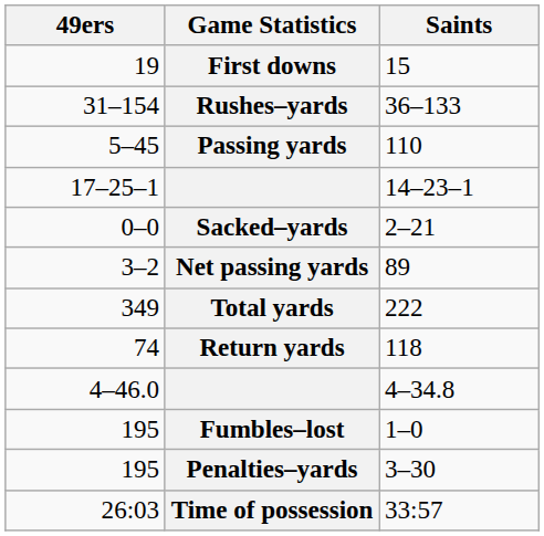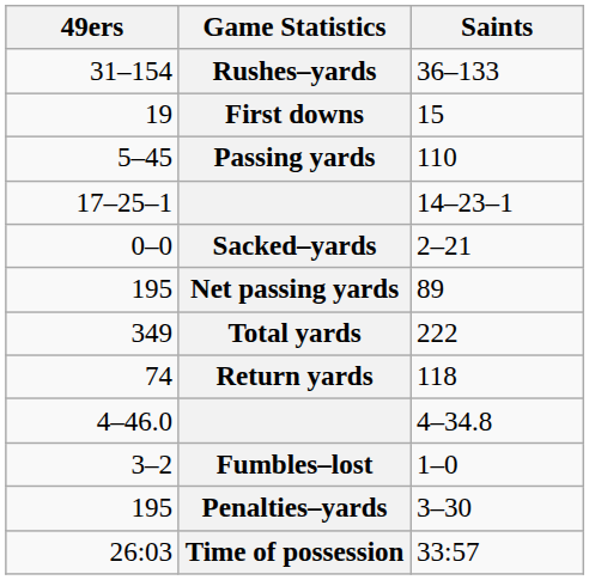 <table class="wikitable" style="margin: 1em auto 1em auto">
 <tr>
 <th style="width:30%;">49ers</th>
 <th style="width:40%;">Game Statistics</th>
 <th style="width:30%;">Saints</th>
 </tr>
 <tr>
+<td style="text-align:right;">31–154</td>
+<th>Rushes–yards</th>
+<td>36–133</td>
+</tr>
+<tr>
 <td style="text-align:right;">19</td>
 <th>First downs</th>
 <td>15</td>
-</tr>
-<tr>
-<td style="text-align:right;">31–154</td>
-<th>Rushes–yards</th>
-<td>36–133</td>
 </tr>
 <tr>
 <td style="text-align:right;">5–45</td>
 <th>Passing yards</th>
 <td>110</td>
 </tr>
 <tr>
 <td style="text-align:right;">17–25–1</td>
 <th></th>
 <td>14–23–1</td>
 </tr>
 <tr>
 <td style="text-align:right;">0–0</td>
 <th>Sacked–yards</th>
 <td>2–21</td>
 </tr>
 <tr>
-<td style="text-align:right;">3–2</td>
+<td style="text-align:right;">195</td>
 <th>Net passing yards</th>
 <td>89</td>
 </tr>
 <tr>
 <td style="text-align:right;">349</td>
 <th>Total yards</th>
 <td>222</td>
 </tr>
 <tr>
 <td style="text-align:right;">74</td>
 <th>Return yards</th>
 <td>118</td>
 </tr>
 <tr>
 <td style="text-align:right;">4–46.0</td>
 <th></th>
 <td>4–34.8</td>
 </tr>
 <tr>
-<td style="text-align:right;">195</td>
+<td style="text-align:right;">3–2</td>
 <th>Fumbles–lost</th>
 <td>1–0</td>
 </tr>
 <tr>
 <td style="text-align:right;">195</td>
 <th>Penalties–yards</th>
 <td>3–30</td>
 </tr>
 <tr>
 <td style="text-align:right;">26:03</td>
 <th>Time of possession</th>
 <td>33:57</td>
 </tr>
 </table>
